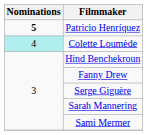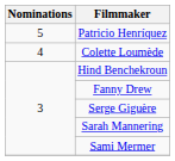 <table class="wikitable" style="text-align:center;">
 <tr>
 <th scope="col" width="10">Nominations</th>
 <th scope="col" align="center">Filmmaker</th>
 </tr>
 <tr>
-<td rowspan="1" style="text-align:center;"><strong>5</strong></td>
+<td rowspan="1" style="text-align:center;">5</td>
 <td><a href='#'>Patricio Henríquez</a></td>
 </tr>
 <tr>
-<td rowspan="1" style="background: paleturquoise; text-align:center;">4</td>
+<td rowspan="1" style="text-align:center;">4</td>
 <td><a href='#'>Colette Loumède</a></td>
 </tr>
 <tr>
 <td rowspan="5" style="text-align:center;">3</td>
 <td><a href='#'>Hind Benchekroun</a></td>
 </tr>
 <tr>
 <td><a href='#'>Fanny Drew</a></td>
 </tr>
 <tr>
 <td><a href='#'>Serge Giguère</a></td>
 </tr>
 <tr>
 <td><a href='#'>Sarah Mannering</a></td>
 </tr>
 <tr>
 <td><a href='#'>Sami Mermer</a></td>
 </tr>
 <tr>
 </tr>
 </table>
